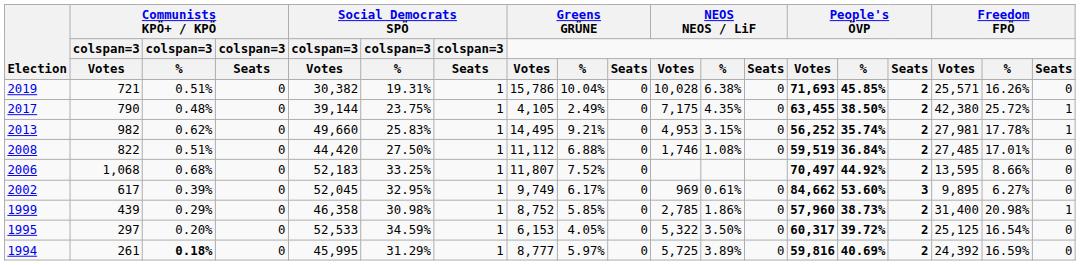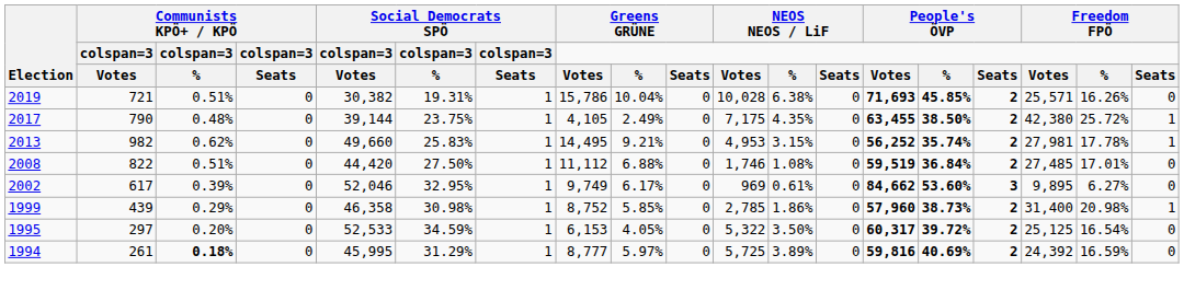 <table class="wikitable" border="1" style="font-size:100%; text-align:right;">
 <tr>
 <th style="text-align:left;" valign=bottom rowspan=3>Election</th>
 <th valign=bottom colspan=3><a href='#'>Communists</a><br>KPÖ+ / KPÖ</th>
 <th valign=bottom colspan=3><a href='#'>Social Democrats</a><br>SPÖ</th>
 <th valign=bottom colspan=3><a href='#'>Greens</a><br>GRÜNE</th>
 <th valign=bottom colspan=3><a href='#'>NEOS</a><br>NEOS / LiF</th>
 <th valign=bottom colspan=3><a href='#'>People's</a><br>ÖVP</th>
 <th valign=bottom colspan=3><a href='#'>Freedom</a><br>FPÖ</th>
 </tr>
 <tr>
 <th>colspan=3 </th>
 <th>colspan=3 </th>
 <th>colspan=3 </th>
 <th>colspan=3 </th>
 <th>colspan=3 </th>
 <th>colspan=3 </th>
 </tr>
 <tr>
 <th>Votes</th>
 <th>%</th>
 <th>Seats</th>
 <th>Votes</th>
 <th>%</th>
 <th>Seats</th>
 <th>Votes</th>
 <th>%</th>
 <th>Seats</th>
 <th>Votes</th>
 <th>%</th>
 <th>Seats</th>
 <th>Votes</th>
 <th>%</th>
 <th>Seats</th>
 <th>Votes</th>
 <th>%</th>
 <th>Seats</th>
 </tr>
 <tr>
 <td align=left><a href='#'>2019</a></td>
 <td>721</td>
 <td>0.51%</td>
 <td>0</td>
 <td>30,382</td>
 <td>19.31%</td>
 <td>1</td>
 <td>15,786</td>
 <td>10.04%</td>
 <td>0</td>
 <td>10,028</td>
 <td>6.38%</td>
 <td>0</td>
 <td><strong>71,693</strong></td>
 <td><strong>45.85%</strong></td>
 <td><strong>2</strong></td>
 <td>25,571</td>
 <td>16.26%</td>
 <td>0</td>
 </tr>
 <tr>
 <td align=left><a href='#'>2017</a></td>
 <td>790</td>
 <td>0.48%</td>
 <td>0</td>
 <td>39,144</td>
 <td>23.75%</td>
 <td>1</td>
 <td>4,105</td>
 <td>2.49%</td>
 <td>0</td>
 <td>7,175</td>
 <td>4.35%</td>
 <td>0</td>
 <td><strong>63,455</strong></td>
 <td><strong>38.50%</strong></td>
 <td><strong>2</strong></td>
 <td>42,380</td>
 <td>25.72%</td>
 <td>1</td>
 </tr>
 <tr>
 <td align=left><a href='#'>2013</a></td>
 <td>982</td>
 <td>0.62%</td>
 <td>0</td>
 <td>49,660</td>
 <td>25.83%</td>
 <td>1</td>
 <td>14,495</td>
 <td>9.21%</td>
 <td>0</td>
 <td>4,953</td>
 <td>3.15%</td>
 <td>0</td>
 <td><strong>56,252</strong></td>
 <td><strong>35.74%</strong></td>
 <td><strong>2</strong></td>
 <td>27,981</td>
 <td>17.78%</td>
 <td>1</td>
 </tr>
 <tr>
 <td align=left><a href='#'>2008</a></td>
 <td>822</td>
 <td>0.51%</td>
 <td>0</td>
 <td>44,420</td>
 <td>27.50%</td>
 <td>1</td>
 <td>11,112</td>
 <td>6.88%</td>
 <td>0</td>
 <td>1,746</td>
 <td>1.08%</td>
 <td>0</td>
 <td><strong>59,519</strong></td>
 <td><strong>36.84%</strong></td>
 <td><strong>2</strong></td>
 <td>27,485</td>
 <td>17.01%</td>
 <td>0</td>
 </tr>
 <tr>
-<td align=left><a href='#'>2006</a></td>
-<td>1,068</td>
-<td>0.68%</td>
-<td>0</td>
-<td>52,183</td>
-<td>33.25%</td>
-<td>1</td>
-<td>11,807</td>
-<td>7.52%</td>
-<td>0</td>
-<td></td>
-<td></td>
-<td></td>
-<td><strong>70,497</strong></td>
-<td><strong>44.92%</strong></td>
-<td><strong>2</strong></td>
-<td>13,595</td>
-<td>8.66%</td>
-<td>0</td>
-</tr>
-<tr>
 <td align=left><a href='#'>2002</a></td>
 <td>617</td>
 <td>0.39%</td>
 <td>0</td>
-<td>52,045</td>
+<td>52,046</td>
 <td>32.95%</td>
 <td>1</td>
 <td>9,749</td>
 <td>6.17%</td>
 <td>0</td>
 <td>969</td>
 <td>0.61%</td>
 <td>0</td>
 <td><strong>84,662</strong></td>
 <td><strong>53.60%</strong></td>
 <td><strong>3</strong></td>
 <td>9,895</td>
 <td>6.27%</td>
 <td>0</td>
 </tr>
 <tr>
 <td align=left><a href='#'>1999</a></td>
 <td>439</td>
 <td>0.29%</td>
 <td>0</td>
 <td>46,358</td>
 <td>30.98%</td>
 <td>1</td>
 <td>8,752</td>
 <td>5.85%</td>
 <td>0</td>
 <td>2,785</td>
 <td>1.86%</td>
 <td>0</td>
 <td><strong>57,960</strong></td>
 <td><strong>38.73%</strong></td>
 <td><strong>2</strong></td>
 <td>31,400</td>
 <td>20.98%</td>
 <td>1</td>
 </tr>
 <tr>
 <td align=left><a href='#'>1995</a></td>
 <td>297</td>
 <td>0.20%</td>
 <td>0</td>
 <td>52,533</td>
 <td>34.59%</td>
 <td>1</td>
 <td>6,153</td>
 <td>4.05%</td>
 <td>0</td>
 <td>5,322</td>
 <td>3.50%</td>
 <td>0</td>
 <td><strong>60,317</strong></td>
 <td><strong>39.72%</strong></td>
 <td><strong>2</strong></td>
 <td>25,125</td>
 <td>16.54%</td>
 <td>0</td>
 </tr>
 <tr>
 <td align=left><a href='#'>1994</a></td>
 <td>261</td>
 <td><strong>0.18%</strong></td>
 <td>0</td>
 <td>45,995</td>
 <td>31.29%</td>
 <td>1</td>
 <td>8,777</td>
 <td>5.97%</td>
 <td>0</td>
 <td>5,725</td>
 <td>3.89%</td>
 <td>0</td>
 <td><strong>59,816</strong></td>
 <td><strong>40.69%</strong></td>
 <td><strong>2</strong></td>
 <td>24,392</td>
 <td>16.59%</td>
 <td>0</td>
 </tr>
 </table>
